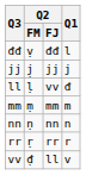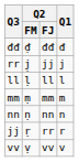 <table class="wikitable">
 <tr>
 <th rowspan="2">Q3</th>
 <th colspan="2">Q2</th>
 <th rowspan="2">Q1</th>
 </tr>
 <tr>
 <th>FM</th>
 <th>FJ</th>
 </tr>
 <tr>
 <td>đđ</td>
-<td>ṿ</td>
+<td>đ̣</td>
 <td>đđ</td>
-<td>l</td>
+<td>đ</td>
 </tr>
 <tr>
-<td>jj</td>
+<td>rr</td>
 <td>j̣</td>
 <td>jj</td>
 <td>j</td>
 </tr>
 <tr>
 <td>ll</td>
 <td>ḷ</td>
-<td>vv</td>
-<td>đ</td>
+<td>ll</td>
+<td>l</td>
 </tr>
 <tr>
 <td>mm</td>
 <td>ṃ</td>
 <td>mm</td>
 <td>m</td>
 </tr>
 <tr>
 <td>nn</td>
 <td>ṇ</td>
 <td>nn</td>
 <td>n</td>
 </tr>
 <tr>
-<td>rr</td>
+<td>jj</td>
 <td>ṛ</td>
 <td>rr</td>
 <td>r</td>
 </tr>
 <tr>
 <td>vv</td>
-<td>đ̣</td>
-<td>ll</td>
+<td>ṿ</td>
+<td>vv</td>
 <td>v</td>
 </tr>
 </table>
